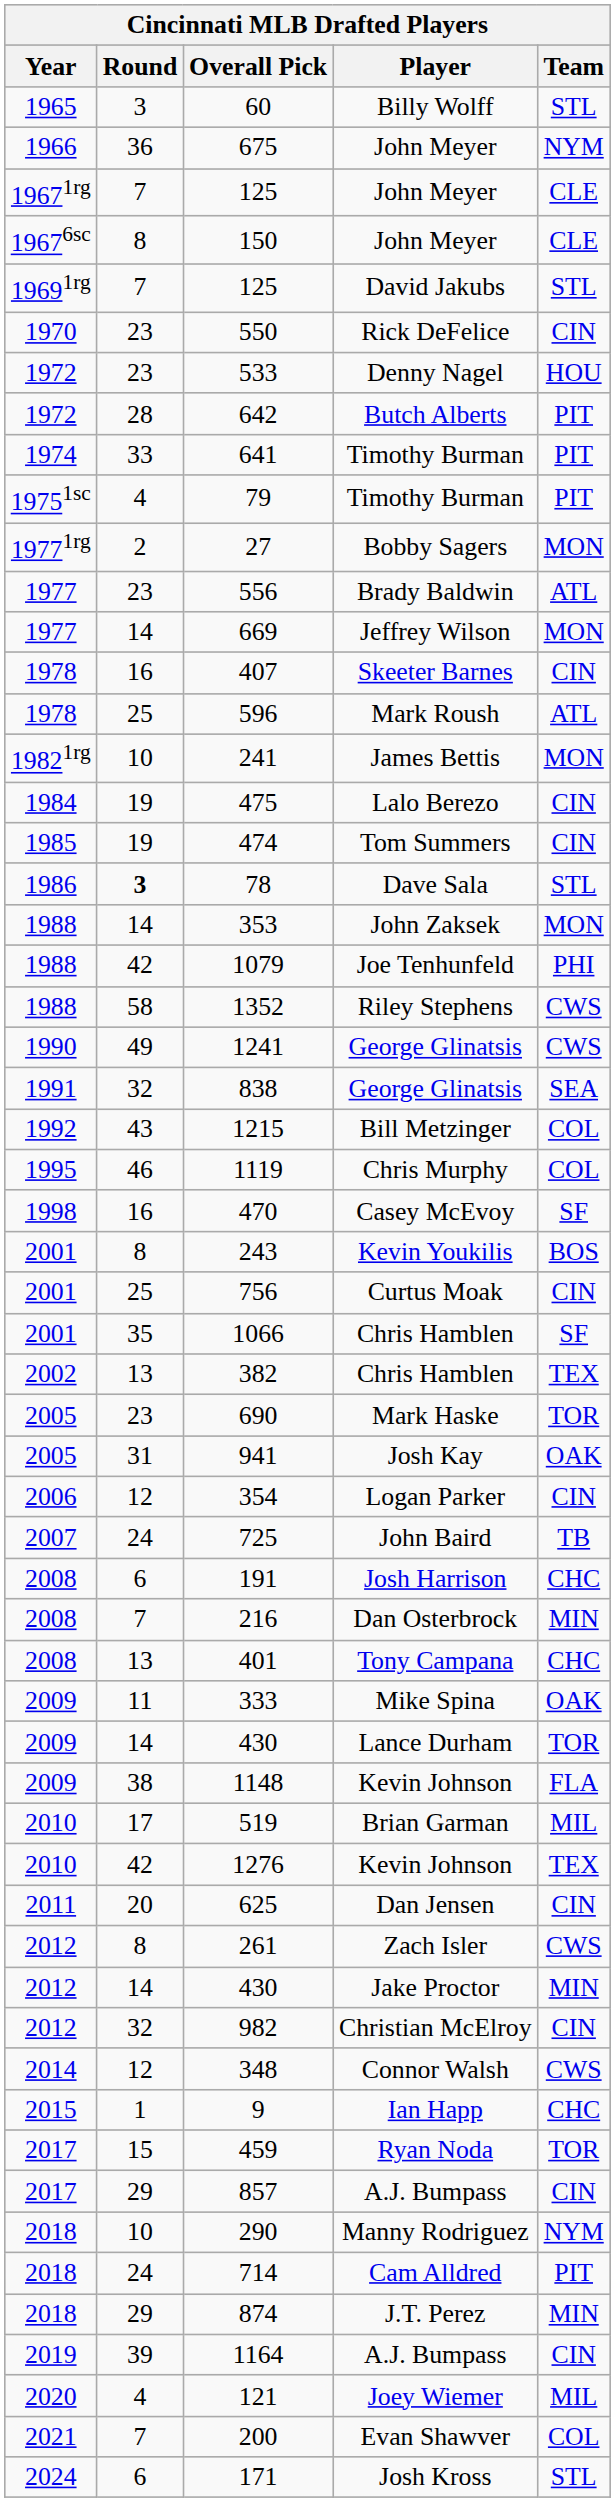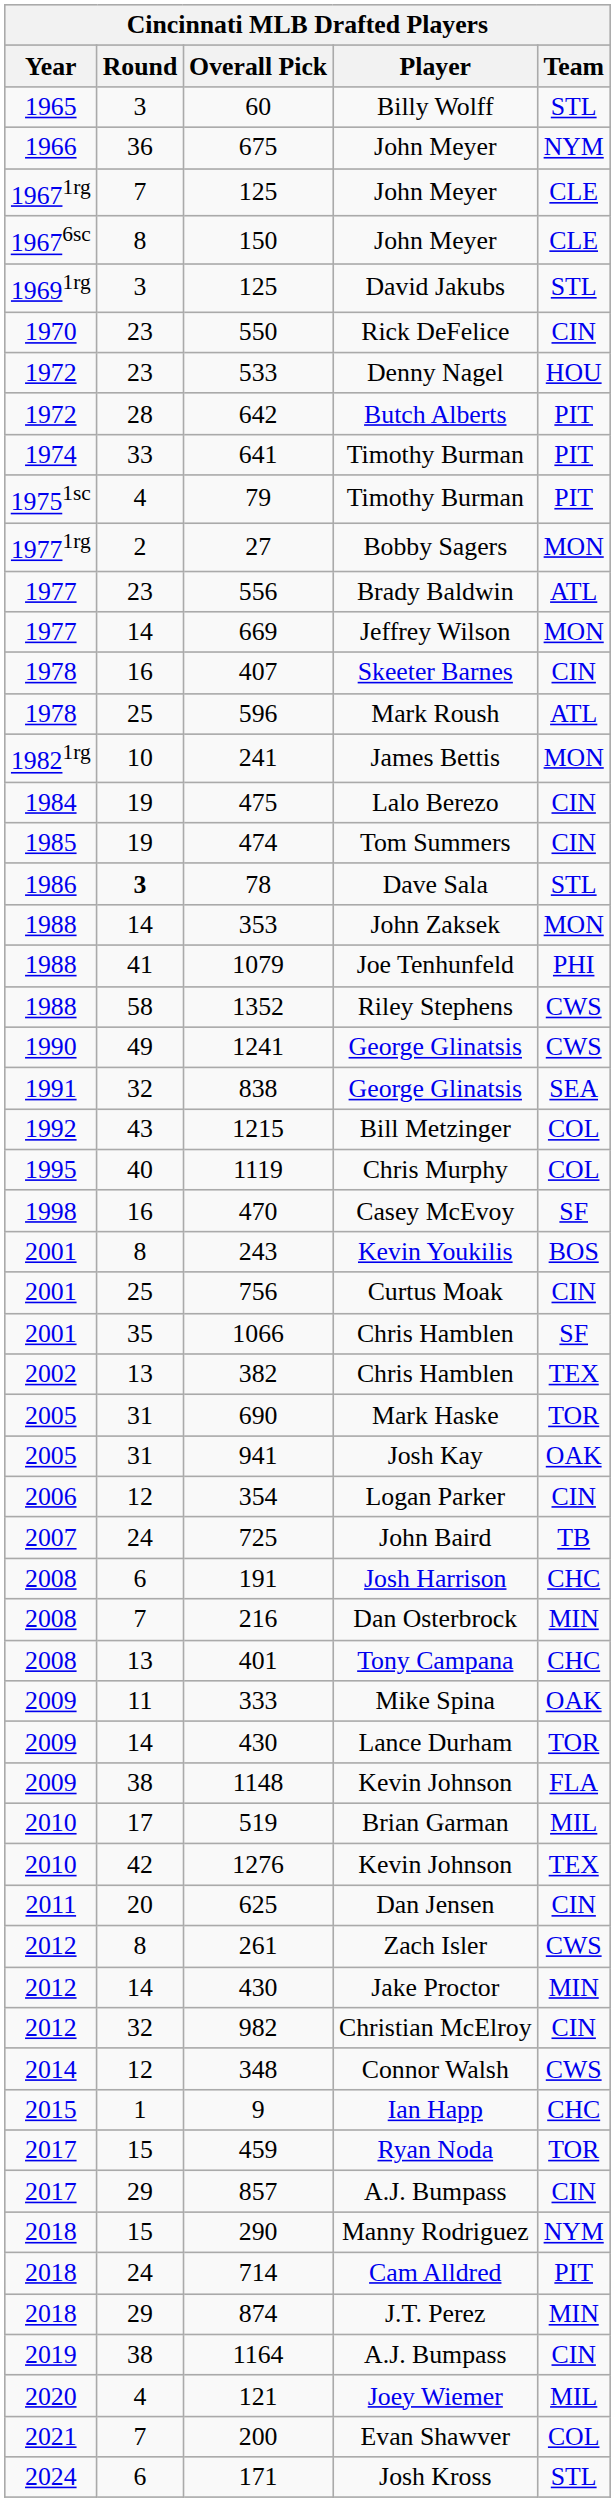 <table class="wikitable" style="text-align:center">
 <tr>
 <th colspan="5">Cincinnati MLB Drafted Players</th>
 </tr>
 <tr>
 <th>Year</th>
 <th>Round</th>
 <th>Overall Pick</th>
 <th>Player</th>
 <th>Team</th>
 </tr>
 <tr>
 <td><a href='#'>1965</a></td>
 <td>3</td>
 <td>60</td>
 <td>Billy Wolff</td>
 <td><a href='#'>STL</a></td>
 </tr>
 <tr>
 <td><a href='#'>1966</a></td>
 <td>36</td>
 <td>675</td>
 <td>John Meyer</td>
 <td><a href='#'>NYM</a></td>
 </tr>
 <tr>
 <td><a href='#'>1967</a><sup>1rg</sup></td>
 <td>7</td>
 <td>125</td>
 <td>John Meyer</td>
 <td><a href='#'>CLE</a></td>
 </tr>
 <tr>
 <td><a href='#'>1967</a><sup>6sc</sup></td>
 <td>8</td>
 <td>150</td>
 <td>John Meyer</td>
 <td><a href='#'>CLE</a></td>
 </tr>
 <tr>
 <td><a href='#'>1969</a><sup>1rg</sup></td>
-<td>7</td>
+<td>3</td>
 <td>125</td>
 <td>David Jakubs</td>
 <td><a href='#'>STL</a></td>
 </tr>
 <tr>
 <td><a href='#'>1970</a></td>
 <td>23</td>
 <td>550</td>
 <td>Rick DeFelice</td>
 <td><a href='#'>CIN</a></td>
 </tr>
 <tr>
 <td><a href='#'>1972</a></td>
 <td>23</td>
 <td>533</td>
 <td>Denny Nagel</td>
 <td><a href='#'>HOU</a></td>
 </tr>
 <tr>
 <td><a href='#'>1972</a></td>
 <td>28</td>
 <td>642</td>
 <td><a href='#'>Butch Alberts</a></td>
 <td><a href='#'>PIT</a></td>
 </tr>
 <tr>
 <td><a href='#'>1974</a></td>
 <td>33</td>
 <td>641</td>
 <td>Timothy Burman</td>
 <td><a href='#'>PIT</a></td>
 </tr>
 <tr>
 <td><a href='#'>1975</a><sup>1sc</sup></td>
 <td>4</td>
 <td>79</td>
 <td>Timothy Burman</td>
 <td><a href='#'>PIT</a></td>
 </tr>
 <tr>
 <td><a href='#'>1977</a><sup>1rg</sup></td>
 <td>2</td>
 <td>27</td>
 <td>Bobby Sagers</td>
 <td><a href='#'>MON</a></td>
 </tr>
 <tr>
 <td><a href='#'>1977</a></td>
 <td>23</td>
 <td>556</td>
 <td>Brady Baldwin</td>
 <td><a href='#'>ATL</a></td>
 </tr>
 <tr>
 <td><a href='#'>1977</a></td>
 <td>14</td>
 <td>669</td>
 <td>Jeffrey Wilson</td>
 <td><a href='#'>MON</a></td>
 </tr>
 <tr>
 <td><a href='#'>1978</a></td>
 <td>16</td>
 <td>407</td>
 <td><a href='#'>Skeeter Barnes</a></td>
 <td><a href='#'>CIN</a></td>
 </tr>
 <tr>
 <td><a href='#'>1978</a></td>
 <td>25</td>
 <td>596</td>
 <td>Mark Roush</td>
 <td><a href='#'>ATL</a></td>
 </tr>
 <tr>
 <td><a href='#'>1982</a><sup>1rg</sup></td>
 <td>10</td>
 <td>241</td>
 <td>James Bettis</td>
 <td><a href='#'>MON</a></td>
 </tr>
 <tr>
 <td><a href='#'>1984</a></td>
 <td>19</td>
 <td>475</td>
 <td>Lalo Berezo</td>
 <td><a href='#'>CIN</a></td>
 </tr>
 <tr>
 <td><a href='#'>1985</a></td>
 <td>19</td>
 <td>474</td>
 <td>Tom Summers</td>
 <td><a href='#'>CIN</a></td>
 </tr>
 <tr>
 <td><a href='#'>1986</a></td>
 <td><strong>3</strong></td>
 <td>78</td>
 <td>Dave Sala</td>
 <td><a href='#'>STL</a></td>
 </tr>
 <tr>
 <td><a href='#'>1988</a></td>
 <td>14</td>
 <td>353</td>
 <td>John Zaksek</td>
 <td><a href='#'>MON</a></td>
 </tr>
 <tr>
 <td><a href='#'>1988</a></td>
-<td>42</td>
+<td>41</td>
 <td>1079</td>
 <td>Joe Tenhunfeld</td>
 <td><a href='#'>PHI</a></td>
 </tr>
 <tr>
 <td><a href='#'>1988</a></td>
 <td>58</td>
 <td>1352</td>
 <td>Riley Stephens</td>
 <td><a href='#'>CWS</a></td>
 </tr>
 <tr>
 <td><a href='#'>1990</a></td>
 <td>49</td>
 <td>1241</td>
 <td><a href='#'>George Glinatsis</a></td>
 <td><a href='#'>CWS</a></td>
 </tr>
 <tr>
 <td><a href='#'>1991</a></td>
 <td>32</td>
 <td>838</td>
 <td><a href='#'>George Glinatsis</a></td>
 <td><a href='#'>SEA</a></td>
 </tr>
 <tr>
 <td><a href='#'>1992</a></td>
 <td>43</td>
 <td>1215</td>
 <td>Bill Metzinger</td>
 <td><a href='#'>COL</a></td>
 </tr>
 <tr>
 <td><a href='#'>1995</a></td>
-<td>46</td>
+<td>40</td>
 <td>1119</td>
 <td>Chris Murphy</td>
 <td><a href='#'>COL</a></td>
 </tr>
 <tr>
 <td><a href='#'>1998</a></td>
 <td>16</td>
 <td>470</td>
 <td>Casey McEvoy</td>
 <td><a href='#'>SF</a></td>
 </tr>
 <tr>
 <td><a href='#'>2001</a></td>
 <td>8</td>
 <td>243</td>
 <td><a href='#'>Kevin Youkilis</a></td>
 <td><a href='#'>BOS</a></td>
 </tr>
 <tr>
 <td><a href='#'>2001</a></td>
 <td>25</td>
 <td>756</td>
 <td>Curtus Moak</td>
 <td><a href='#'>CIN</a></td>
 </tr>
 <tr>
 <td><a href='#'>2001</a></td>
 <td>35</td>
 <td>1066</td>
 <td>Chris Hamblen</td>
 <td><a href='#'>SF</a></td>
 </tr>
 <tr>
 <td><a href='#'>2002</a></td>
 <td>13</td>
 <td>382</td>
 <td>Chris Hamblen</td>
 <td><a href='#'>TEX</a></td>
 </tr>
 <tr>
 <td><a href='#'>2005</a></td>
-<td>23</td>
+<td>31</td>
 <td>690</td>
 <td>Mark Haske</td>
 <td><a href='#'>TOR</a></td>
 </tr>
 <tr>
 <td><a href='#'>2005</a></td>
 <td>31</td>
 <td>941</td>
 <td>Josh Kay</td>
 <td><a href='#'>OAK</a></td>
 </tr>
 <tr>
 <td><a href='#'>2006</a></td>
 <td>12</td>
 <td>354</td>
 <td>Logan Parker</td>
 <td><a href='#'>CIN</a></td>
 </tr>
 <tr>
 <td><a href='#'>2007</a></td>
 <td>24</td>
 <td>725</td>
 <td>John Baird</td>
 <td><a href='#'>TB</a></td>
 </tr>
 <tr>
 <td><a href='#'>2008</a></td>
 <td>6</td>
 <td>191</td>
 <td><a href='#'>Josh Harrison</a></td>
 <td><a href='#'>CHC</a></td>
 </tr>
 <tr>
 <td><a href='#'>2008</a></td>
 <td>7</td>
 <td>216</td>
 <td>Dan Osterbrock</td>
 <td><a href='#'>MIN</a></td>
 </tr>
 <tr>
 <td><a href='#'>2008</a></td>
 <td>13</td>
 <td>401</td>
 <td><a href='#'>Tony Campana</a></td>
 <td><a href='#'>CHC</a></td>
 </tr>
 <tr>
 <td><a href='#'>2009</a></td>
 <td>11</td>
 <td>333</td>
 <td>Mike Spina</td>
 <td><a href='#'>OAK</a></td>
 </tr>
 <tr>
 <td><a href='#'>2009</a></td>
 <td>14</td>
 <td>430</td>
 <td>Lance Durham</td>
 <td><a href='#'>TOR</a></td>
 </tr>
 <tr>
 <td><a href='#'>2009</a></td>
 <td>38</td>
 <td>1148</td>
 <td>Kevin Johnson</td>
 <td><a href='#'>FLA</a></td>
 </tr>
 <tr>
 <td><a href='#'>2010</a></td>
 <td>17</td>
 <td>519</td>
 <td>Brian Garman</td>
 <td><a href='#'>MIL</a></td>
 </tr>
 <tr>
 <td><a href='#'>2010</a></td>
 <td>42</td>
 <td>1276</td>
 <td>Kevin Johnson</td>
 <td><a href='#'>TEX</a></td>
 </tr>
 <tr>
 <td><a href='#'>2011</a></td>
 <td>20</td>
 <td>625</td>
 <td>Dan Jensen</td>
 <td><a href='#'>CIN</a></td>
 </tr>
 <tr>
 <td><a href='#'>2012</a></td>
 <td>8</td>
 <td>261</td>
 <td>Zach Isler</td>
 <td><a href='#'>CWS</a></td>
 </tr>
 <tr>
 <td><a href='#'>2012</a></td>
 <td>14</td>
 <td>430</td>
 <td>Jake Proctor</td>
 <td><a href='#'>MIN</a></td>
 </tr>
 <tr>
 <td><a href='#'>2012</a></td>
 <td>32</td>
 <td>982</td>
 <td>Christian McElroy</td>
 <td><a href='#'>CIN</a></td>
 </tr>
 <tr>
 <td><a href='#'>2014</a></td>
 <td>12</td>
 <td>348</td>
 <td>Connor Walsh</td>
 <td><a href='#'>CWS</a></td>
 </tr>
 <tr>
 <td><a href='#'>2015</a></td>
 <td>1</td>
 <td>9</td>
 <td><a href='#'>Ian Happ</a></td>
 <td><a href='#'>CHC</a></td>
 </tr>
 <tr>
 <td><a href='#'>2017</a></td>
 <td>15</td>
 <td>459</td>
 <td><a href='#'>Ryan Noda</a></td>
 <td><a href='#'>TOR</a></td>
 </tr>
 <tr>
 <td><a href='#'>2017</a></td>
 <td>29</td>
 <td>857</td>
 <td>A.J. Bumpass</td>
 <td><a href='#'>CIN</a></td>
 </tr>
 <tr>
 <td><a href='#'>2018</a></td>
-<td>10</td>
+<td>15</td>
 <td>290</td>
 <td>Manny Rodriguez</td>
 <td><a href='#'>NYM</a></td>
 </tr>
 <tr>
 <td><a href='#'>2018</a></td>
 <td>24</td>
 <td>714</td>
 <td><a href='#'>Cam Alldred</a></td>
 <td><a href='#'>PIT</a></td>
 </tr>
 <tr>
 <td><a href='#'>2018</a></td>
 <td>29</td>
 <td>874</td>
 <td>J.T. Perez</td>
 <td><a href='#'>MIN</a></td>
 </tr>
 <tr>
 <td><a href='#'>2019</a></td>
-<td>39</td>
+<td>38</td>
 <td>1164</td>
 <td>A.J. Bumpass</td>
 <td><a href='#'>CIN</a></td>
 </tr>
 <tr>
 <td><a href='#'>2020</a></td>
 <td>4</td>
 <td>121</td>
 <td><a href='#'>Joey Wiemer</a></td>
 <td><a href='#'>MIL</a></td>
 </tr>
 <tr>
 <td><a href='#'>2021</a></td>
 <td>7</td>
 <td>200</td>
 <td>Evan Shawver</td>
 <td><a href='#'>COL</a></td>
 </tr>
 <tr>
 <td><a href='#'>2024</a></td>
 <td>6</td>
 <td>171</td>
 <td>Josh Kross</td>
 <td><a href='#'>STL</a></td>
 </tr>
 </table>
